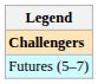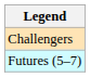 <table class="sortable wikitable" style="font-size:90%;">
 <tr>
 <th>Legend</th>
 </tr>
 <tr bgcolor="moccasin">
-<td><strong>Challengers</strong></td>
+<td>Challengers</td>
 </tr>
 <tr bgcolor="CFFCFF">
 <td>Futures (5–7)</td>
 </tr>
 </table>
